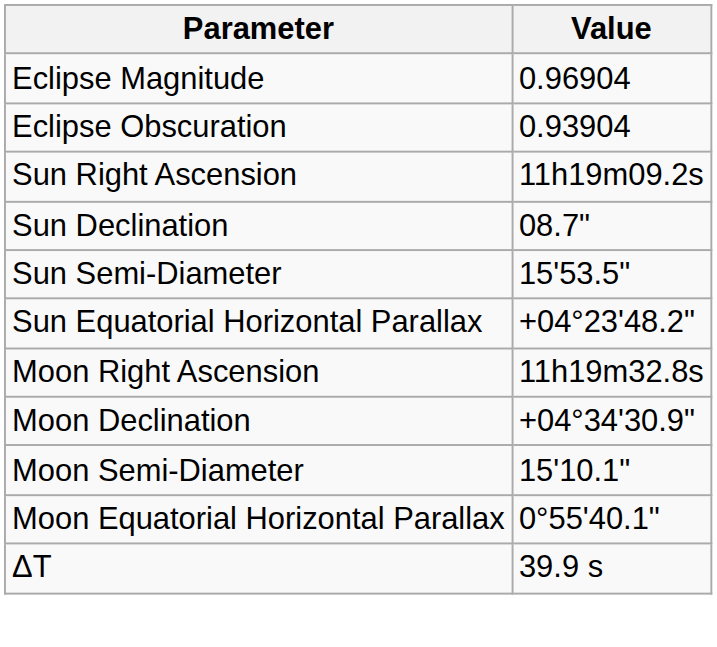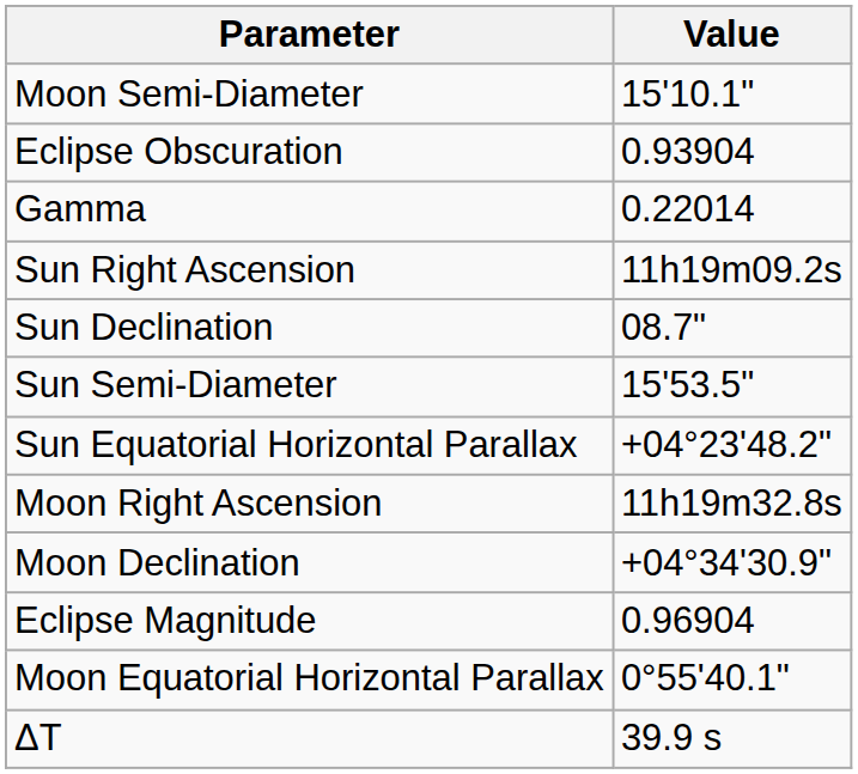 <table class="wikitable">
 <tr>
 <th>Parameter</th>
 <th>Value</th>
 </tr>
 <tr>
-<td>Eclipse Magnitude</td>
-<td>0.96904</td>
+<td>Moon Semi-Diameter</td>
+<td>15'10.1"</td>
 </tr>
 <tr>
 <td>Eclipse Obscuration</td>
 <td>0.93904</td>
+</tr>
+<tr>
+<td>Gamma</td>
+<td>0.22014</td>
 </tr>
 <tr>
 <td>Sun Right Ascension</td>
 <td>11h19m09.2s</td>
 </tr>
 <tr>
 <td>Sun Declination</td>
 <td>08.7"</td>
 </tr>
 <tr>
 <td>Sun Semi-Diameter</td>
 <td>15'53.5"</td>
 </tr>
 <tr>
 <td>Sun Equatorial Horizontal Parallax</td>
 <td>+04°23'48.2"</td>
 </tr>
 <tr>
 <td>Moon Right Ascension</td>
 <td>11h19m32.8s</td>
 </tr>
 <tr>
 <td>Moon Declination</td>
 <td>+04°34'30.9"</td>
 </tr>
 <tr>
-<td>Moon Semi-Diameter</td>
-<td>15'10.1"</td>
+<td>Eclipse Magnitude</td>
+<td>0.96904</td>
 </tr>
 <tr>
 <td>Moon Equatorial Horizontal Parallax</td>
 <td>0°55'40.1"</td>
 </tr>
 <tr>
 <td>ΔT</td>
 <td>39.9 s</td>
 </tr>
 </table>
